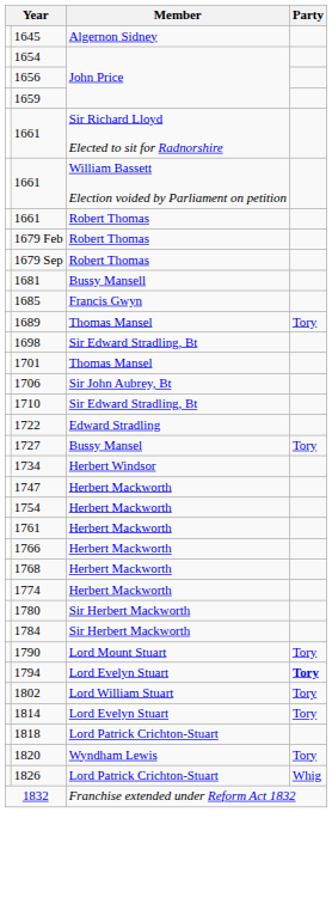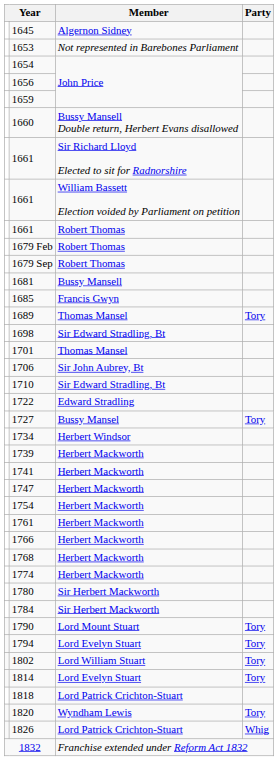 <table class="wikitable">
 <tr>
 <th colspan="2">Year</th>
 <th>Member</th>
 <th>Party</th>
 </tr>
 <tr>
 <td style="color:inherit;background-color: white"></td>
 <td>1645</td>
 <td><a href='#'>Algernon Sidney</a></td>
+<td></td>
+</tr>
+<tr>
+<td style="color:inherit;background-color: white"></td>
+<td>1653</td>
+<td><em>Not represented in Barebones Parliament</em></td>
 <td></td>
 </tr>
 <tr>
 <td style="color:inherit;background-color: white"></td>
 <td>1654</td>
 <td rowspan=3><a href='#'>John Price</a></td>
 <td></td>
 </tr>
 <tr>
 <td style="color:inherit;background-color: white"></td>
 <td>1656</td>
 <td></td>
 </tr>
 <tr>
 <td style="color:inherit;background-color: white"></td>
 <td>1659</td>
+<td></td>
+</tr>
+<tr>
+<td style="color:inherit;background-color: white"></td>
+<td>1660</td>
+<td><a href='#'>Bussy Mansell</a> <br><em>Double return, Herbert Evans disallowed</em></td>
 <td></td>
 </tr>
 <tr>
 <td style="color:inherit;background-color: white"></td>
 <td>1661</td>
 <td><a href='#'>Sir Richard Lloyd</a><br><br><em>Elected to sit for <a href='#'>Radnorshire</a></em></td>
 <td></td>
 </tr>
 <tr>
 <td style="color:inherit;background-color: white"></td>
 <td>1661</td>
 <td><a href='#'>William Bassett</a><br><br><em>Election voided by Parliament on petition</em></td>
 <td></td>
 </tr>
 <tr>
 <td style="color:inherit;background-color: white"></td>
 <td>1661</td>
 <td><a href='#'>Robert Thomas</a></td>
 <td></td>
 </tr>
 <tr>
 <td style="color:inherit;background-color: white"></td>
 <td>1679 Feb</td>
 <td><a href='#'>Robert Thomas</a></td>
 <td></td>
 </tr>
 <tr>
 <td style="color:inherit;background-color: white"></td>
 <td>1679 Sep</td>
 <td><a href='#'>Robert Thomas</a></td>
 <td></td>
 </tr>
 <tr>
 <td style="color:inherit;background-color: white"></td>
 <td>1681</td>
 <td><a href='#'>Bussy Mansell</a></td>
 <td></td>
 </tr>
 <tr>
 <td style="color:inherit;background-color: white"></td>
 <td>1685</td>
 <td><a href='#'>Francis Gwyn</a></td>
 <td></td>
 </tr>
 <tr>
 <td style="color:inherit;background-color: white"></td>
 <td>1689</td>
 <td><a href='#'>Thomas Mansel</a></td>
 <td><a href='#'>Tory</a></td>
 </tr>
 <tr>
 <td style="color:inherit;background-color: white"></td>
 <td>1698</td>
 <td><a href='#'>Sir Edward Stradling, Bt</a></td>
 <td></td>
 </tr>
 <tr>
 <td style="color:inherit;background-color: white"></td>
 <td>1701</td>
 <td><a href='#'>Thomas Mansel</a></td>
 <td></td>
 </tr>
 <tr>
 <td style="color:inherit;background-color: white"></td>
 <td>1706</td>
 <td><a href='#'>Sir John Aubrey, Bt</a></td>
 <td></td>
 </tr>
 <tr>
 <td style="color:inherit;background-color: white"></td>
 <td>1710</td>
 <td><a href='#'>Sir Edward Stradling, Bt</a></td>
 <td></td>
 </tr>
 <tr>
 <td style="color:inherit;background-color: white"></td>
 <td>1722</td>
 <td><a href='#'>Edward Stradling</a></td>
 <td></td>
 </tr>
 <tr>
 <td style="color:inherit;background-color: white"></td>
 <td>1727</td>
 <td><a href='#'>Bussy Mansel</a></td>
 <td><a href='#'>Tory</a></td>
 </tr>
 <tr>
 <td style="color:inherit;background-color: white"></td>
 <td>1734</td>
 <td><a href='#'>Herbert Windsor</a></td>
 <td></td>
 </tr>
 <tr>
 <td style="color:inherit;background-color: white"></td>
+<td>1739</td>
+<td><a href='#'>Herbert Mackworth</a></td>
+<td></td>
+</tr>
+<tr>
+<td style="color:inherit;background-color: white"></td>
+<td>1741</td>
+<td><a href='#'>Herbert Mackworth</a></td>
+<td></td>
+</tr>
+<tr>
+<td style="color:inherit;background-color: white"></td>
 <td>1747</td>
 <td><a href='#'>Herbert Mackworth</a></td>
 <td></td>
 </tr>
 <tr>
 <td style="color:inherit;background-color: white"></td>
 <td>1754</td>
 <td><a href='#'>Herbert Mackworth</a></td>
 <td></td>
 </tr>
 <tr>
 <td style="color:inherit;background-color: white"></td>
 <td>1761</td>
 <td><a href='#'>Herbert Mackworth</a></td>
 <td></td>
 </tr>
 <tr>
 <td style="color:inherit;background-color: white"></td>
 <td>1766</td>
 <td><a href='#'>Herbert Mackworth</a></td>
 <td></td>
 </tr>
 <tr>
 <td style="color:inherit;background-color: white"></td>
 <td>1768</td>
 <td><a href='#'>Herbert Mackworth</a></td>
 <td></td>
 </tr>
 <tr>
 <td style="color:inherit;background-color: white"></td>
 <td>1774</td>
 <td><a href='#'>Herbert Mackworth</a></td>
 <td></td>
 </tr>
 <tr>
 <td style="color:inherit;background-color: white"></td>
 <td>1780</td>
 <td><a href='#'>Sir Herbert Mackworth</a></td>
 <td></td>
 </tr>
 <tr>
 <td style="color:inherit;background-color: white"></td>
 <td>1784</td>
 <td><a href='#'>Sir Herbert Mackworth</a></td>
 <td></td>
 </tr>
 <tr>
 <td style="color:inherit;background-color: "></td>
 <td>1790</td>
 <td><a href='#'>Lord Mount Stuart</a></td>
 <td><a href='#'>Tory</a></td>
 </tr>
 <tr>
 <td style="color:inherit;background-color: "></td>
 <td>1794</td>
 <td><a href='#'>Lord Evelyn Stuart</a></td>
-<td><strong><a href='#'>Tory</a></strong></td>
+<td><a href='#'>Tory</a></td>
 </tr>
 <tr>
 <td style="color:inherit;background-color: "></td>
 <td>1802</td>
 <td><a href='#'>Lord William Stuart</a></td>
 <td><a href='#'>Tory</a></td>
 </tr>
 <tr>
 <td style="color:inherit;background-color: "></td>
 <td>1814</td>
 <td><a href='#'>Lord Evelyn Stuart</a></td>
 <td><a href='#'>Tory</a></td>
 </tr>
 <tr>
 <td style="color:inherit;background-color: white"></td>
 <td>1818</td>
 <td><a href='#'>Lord Patrick Crichton-Stuart</a></td>
 <td></td>
 </tr>
 <tr>
 <td style="color:inherit;background-color: "></td>
 <td>1820</td>
 <td><a href='#'>Wyndham Lewis</a></td>
 <td><a href='#'>Tory</a></td>
 </tr>
 <tr>
 <td style="color:inherit;background-color: "></td>
 <td>1826</td>
 <td><a href='#'>Lord Patrick Crichton-Stuart</a></td>
 <td><a href='#'>Whig</a></td>
 </tr>
 <tr>
 <td colspan="2" align="center"><a href='#'>1832</a></td>
 <td colspan="2"><em>Franchise extended under <a href='#'>Reform Act 1832</a></em></td>
 </tr>
 </table>
